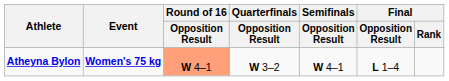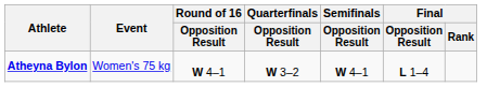 <table class="wikitable" style="font-size:90%">
 <tr>
 <th rowspan="2">Athlete</th>
 <th rowspan="2">Event</th>
 <th>Round of 16</th>
 <th>Quarterfinals</th>
 <th>Semifinals</th>
 <th colspan=2>Final</th>
 </tr>
 <tr style="font-size:95%">
 <th>Opposition<br>Result</th>
 <th>Opposition<br>Result</th>
 <th>Opposition<br>Result</th>
 <th>Opposition<br>Result</th>
 <th>Rank</th>
 </tr>
 <tr align=center>
 <td align=left><strong><a href='#'>Atheyna Bylon</a></strong></td>
-<td align=left><strong><a href='#'>Women's 75 kg</a></strong></td>
-<td style="background: lightsalmon;"><br><strong>W</strong> 4–1</td>
+<td align=left><a href='#'>Women's 75 kg</a></td>
+<td><br><strong>W</strong> 4–1</td>
 <td><br><strong>W</strong> 3–2</td>
 <td><br><strong>W</strong> 4–1</td>
 <td><br><strong>L</strong> 1–4</td>
 <td></td>
 </tr>
 </table>
